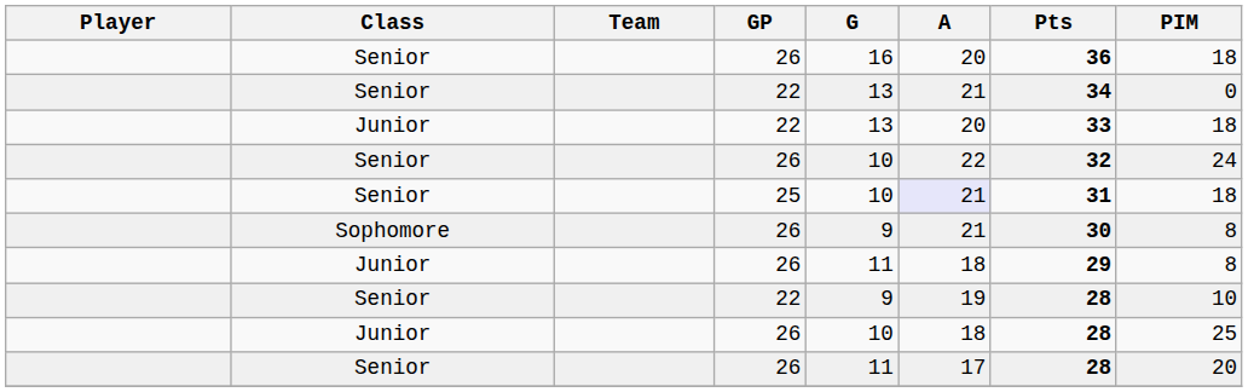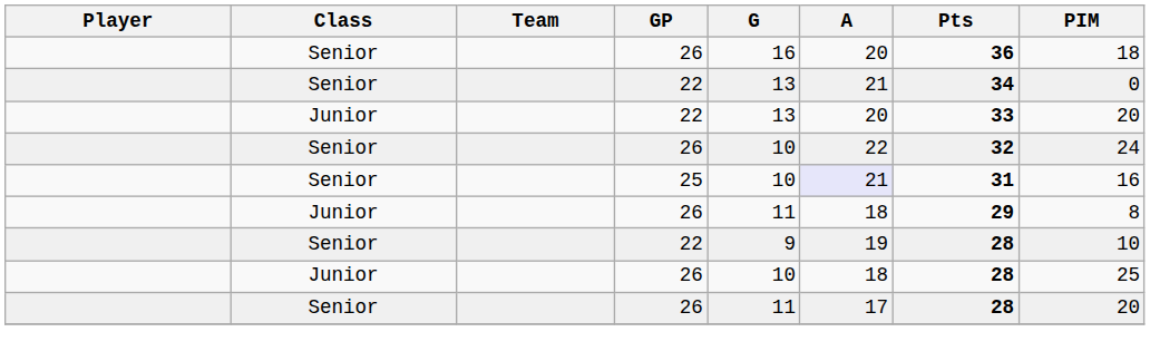 <table class="wikitable sortable" style="text-align: center; "width=60%">
 <tr>
 <th>Player</th>
 <th>Class</th>
 <th>Team</th>
 <th>GP</th>
 <th>G</th>
 <th>A</th>
 <th>Pts</th>
 <th>PIM</th>
 </tr>
 <tr>
 <td align=left></td>
 <td>Senior</td>
 <td><strong><a href='#'></a></strong></td>
 <td align=right>26</td>
 <td align=right>16</td>
 <td align=right>20</td>
 <td align=right><strong>36</strong></td>
 <td align=right>18</td>
 </tr>
 <tr bgcolor=f0f0f0>
 <td align=left></td>
 <td>Senior</td>
 <td><strong><a href='#'></a></strong></td>
 <td align=right>22</td>
 <td align=right>13</td>
 <td align=right>21</td>
 <td align=right><strong>34</strong></td>
 <td align=right>0</td>
 </tr>
 <tr>
 <td align=left></td>
 <td>Junior</td>
 <td><strong><a href='#'></a></strong></td>
 <td align=right>22</td>
 <td align=right>13</td>
 <td align=right>20</td>
 <td align=right><strong>33</strong></td>
-<td align=right>18</td>
+<td align=right>20</td>
 </tr>
 <tr bgcolor=f0f0f0>
 <td align=left></td>
 <td>Senior</td>
 <td><strong><a href='#'></a></strong></td>
 <td align=right>26</td>
 <td align=right>10</td>
 <td align=right>22</td>
 <td align=right><strong>32</strong></td>
 <td align=right>24</td>
 </tr>
 <tr>
 <td align=left></td>
 <td>Senior</td>
 <td><strong><a href='#'></a></strong></td>
 <td align=right>25</td>
 <td align=right>10</td>
 <td align=right style="background: lavender;">21</td>
 <td align=right><strong>31</strong></td>
-<td align=right>18</td>
-</tr>
-<tr bgcolor=f0f0f0>
-<td align=left></td>
-<td>Sophomore</td>
-<td><strong><a href='#'></a></strong></td>
-<td align=right>26</td>
-<td align=right>9</td>
-<td align=right>21</td>
-<td align=right><strong>30</strong></td>
-<td align=right>8</td>
+<td align=right>16</td>
 </tr>
 <tr>
 <td align=left></td>
 <td>Junior</td>
 <td><strong><a href='#'></a></strong></td>
 <td align=right>26</td>
 <td align=right>11</td>
 <td align=right>18</td>
 <td align=right><strong>29</strong></td>
 <td align=right>8</td>
 </tr>
 <tr bgcolor=f0f0f0>
 <td align=left></td>
 <td>Senior</td>
 <td><strong><a href='#'></a></strong></td>
 <td align=right>22</td>
 <td align=right>9</td>
 <td align=right>19</td>
 <td align=right><strong>28</strong></td>
 <td align=right>10</td>
 </tr>
 <tr>
 <td align=left></td>
 <td>Junior</td>
 <td><strong><a href='#'></a></strong></td>
 <td align=right>26</td>
 <td align=right>10</td>
 <td align=right>18</td>
 <td align=right><strong>28</strong></td>
 <td align=right>25</td>
 </tr>
 <tr bgcolor=f0f0f0>
 <td align=left></td>
 <td>Senior</td>
 <td><strong><a href='#'></a></strong></td>
 <td align=right>26</td>
 <td align=right>11</td>
 <td align=right>17</td>
 <td align=right><strong>28</strong></td>
 <td align=right>20</td>
 </tr>
 <tr>
 </tr>
 </table>
